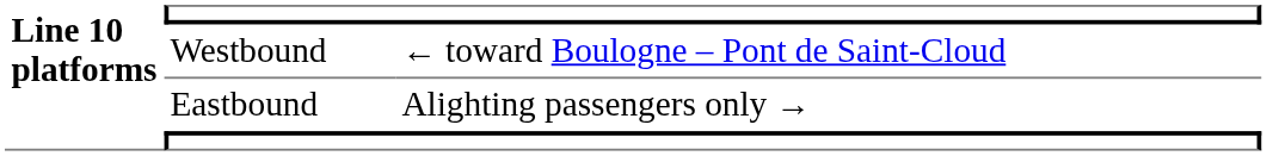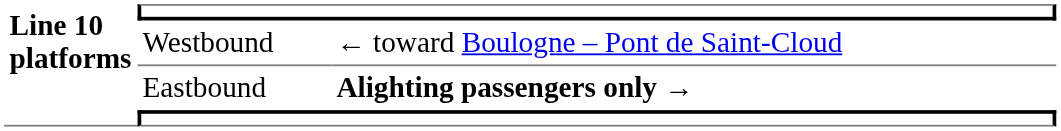 <table border=0 cellspacing=0 cellpadding=3>
 <tr>
 <td style="border-bottom:solid 1px gray;" width=50 rowspan=10 valign=top><strong>Line 10 platforms</strong></td>
 <td style="border-top:solid 1px gray;border-right:solid 2px black;border-left:solid 2px black;border-bottom:solid 2px black;text-align:center;" colspan=2></td>
 </tr>
 <tr>
 <td style="border-bottom:solid 1px gray;" width=100>Westbound</td>
 <td style="border-bottom:solid 1px gray;" width=390>←   toward <a href='#'>Boulogne – Pont de Saint-Cloud</a> </td>
 </tr>
 <tr>
 <td>Eastbound</td>
-<td>   Alighting passengers only →</td>
+<td><strong>   Alighting passengers only →</strong></td>
 </tr>
 <tr>
 <td style="border-top:solid 2px black;border-right:solid 2px black;border-left:solid 2px black;border-bottom:solid 1px gray;text-align:center;" colspan=2></td>
 </tr>
 </table>
